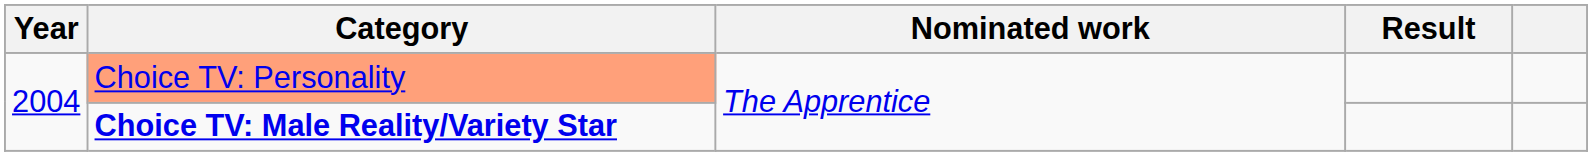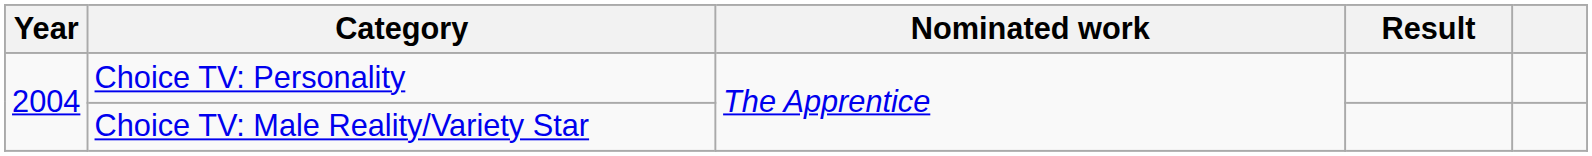 <table class="wikitable sortable">
 <tr>
 <th scope="col" style="width:1em;">Year</th>
 <th scope="col" style="width:20em;">Category</th>
 <th scope="col" style="width:20em;">Nominated work</th>
 <th scope="col" style="width:5em;">Result</th>
 <th scope="col" style="width:2em;" class="unsortable"></th>
 </tr>
 <tr>
 <td rowspan="2"><a href='#'>2004</a></td>
-<td style="background: lightsalmon;"><a href='#'>Choice TV: Personality</a></td>
+<td><a href='#'>Choice TV: Personality</a></td>
 <td rowspan="2"><em><a href='#'>The Apprentice</a></em></td>
 <td></td>
 <td></td>
 </tr>
 <tr>
-<td><strong><a href='#'>Choice TV: Male Reality/Variety Star</a></strong></td>
+<td><a href='#'>Choice TV: Male Reality/Variety Star</a></td>
 <td></td>
 <td></td>
 </tr>
 </table>
